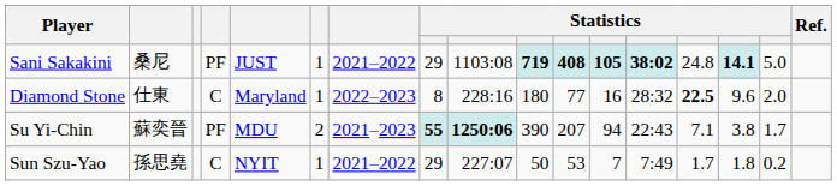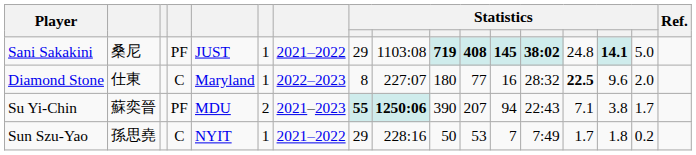 <table class="wikitable sortable" style="font-size:95%; text-align:right;">
 <tr>
 <th rowspan="2">Player</th>
 <th rowspan="2"></th>
 <th rowspan="2"></th>
 <th rowspan="2"></th>
 <th rowspan="2"></th>
 <th rowspan="2"></th>
 <th rowspan="2"></th>
 <th colspan="9">Statistics</th>
 <th rowspan="2">Ref.</th>
 </tr>
 <tr>
 <th></th>
 <th></th>
 <th></th>
 <th></th>
 <th></th>
 <th></th>
 <th></th>
 <th></th>
 <th></th>
 </tr>
 <tr>
 <td align="left"><a href='#'>Sani Sakakini</a></td>
 <td align="left">桑尼</td>
 <td align="center"></td>
 <td align="center">PF</td>
 <td align="left"><a href='#'>JUST</a></td>
 <td align="center">1</td>
 <td align="center"><a href='#'>2021–2022</a></td>
 <td>29</td>
 <td>1103:08</td>
 <td bgcolor="#CFECEC"><strong>719</strong></td>
 <td bgcolor="#CFECEC"><strong>408</strong></td>
-<td bgcolor="#CFECEC"><strong>105</strong></td>
+<td bgcolor="#CFECEC"><strong>145</strong></td>
 <td bgcolor="#CFECEC"><strong>38:02</strong></td>
 <td>24.8</td>
 <td bgcolor="#CFECEC"><strong>14.1</strong></td>
 <td>5.0</td>
 <td align="center"></td>
 </tr>
 <tr>
 <td align="left"><a href='#'>Diamond Stone</a></td>
 <td align="left">仕東</td>
 <td align="center"></td>
 <td align="center">C</td>
 <td align="left"><a href='#'>Maryland</a></td>
 <td align="center">1</td>
 <td align="center"><a href='#'>2022–2023</a></td>
 <td>8</td>
-<td>228:16</td>
+<td>227:07</td>
 <td>180</td>
 <td>77</td>
 <td>16</td>
 <td>28:32</td>
 <td><strong>22.5</strong></td>
 <td>9.6</td>
 <td>2.0</td>
 <td align="center"></td>
 </tr>
 <tr>
 <td align="left">Su Yi-Chin</td>
 <td align="left">蘇奕晉</td>
 <td align="center"></td>
 <td align="center">PF</td>
 <td align="left"><a href='#'>MDU</a></td>
 <td align="center">2</td>
 <td align="center"><a href='#'>2021</a>–<a href='#'>2023</a></td>
 <td bgcolor="#CFECEC"><strong>55</strong></td>
 <td bgcolor="#CFECEC"><strong>1250:06</strong></td>
 <td>390</td>
 <td>207</td>
 <td>94</td>
 <td>22:43</td>
 <td>7.1</td>
 <td>3.8</td>
 <td>1.7</td>
 <td align="center"></td>
 </tr>
 <tr>
 <td align="left">Sun Szu-Yao</td>
 <td align="left">孫思堯</td>
 <td align="center"></td>
 <td align="center">C</td>
 <td align="left"><a href='#'>NYIT</a></td>
 <td align="center">1</td>
 <td align="center"><a href='#'>2021–2022</a></td>
 <td>29</td>
-<td>227:07</td>
+<td>228:16</td>
 <td>50</td>
 <td>53</td>
 <td>7</td>
 <td>7:49</td>
 <td>1.7</td>
 <td>1.8</td>
 <td>0.2</td>
 <td align="center"></td>
 </tr>
 </table>
